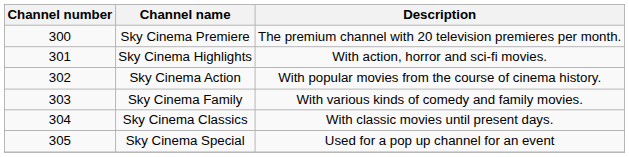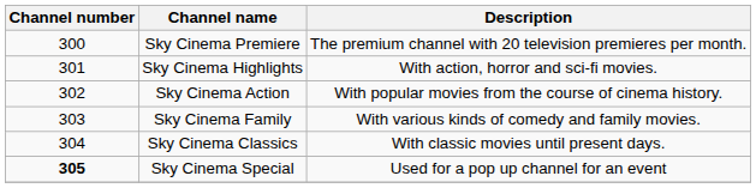 <table class="wikitable" style="text-align: center; style:text-align: center">
 <tr>
 <th>Channel number</th>
 <th>Channel name</th>
 <th>Description</th>
 </tr>
 <tr>
 <td>300</td>
 <td>Sky Cinema Premiere</td>
 <td>The premium channel with 20 television premieres per month.</td>
 </tr>
 <tr>
 <td>301</td>
 <td>Sky Cinema Highlights</td>
 <td>With action, horror and sci-fi movies.</td>
 </tr>
 <tr>
 <td>302</td>
 <td>Sky Cinema Action</td>
 <td>With popular movies from the course of cinema history.</td>
 </tr>
 <tr>
 <td>303</td>
 <td>Sky Cinema Family</td>
 <td>With various kinds of comedy and family movies.</td>
 </tr>
 <tr>
 <td>304</td>
 <td>Sky Cinema Classics</td>
 <td>With classic movies until present days.</td>
 </tr>
 <tr>
-<td>305</td>
+<td><strong>305</strong></td>
 <td>Sky Cinema Special</td>
 <td>Used for a pop up channel for an event</td>
 </tr>
 <tr>
 </tr>
 </table>
